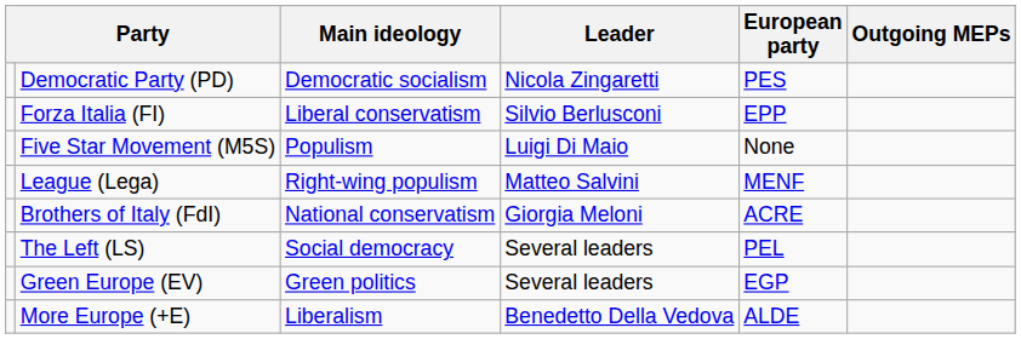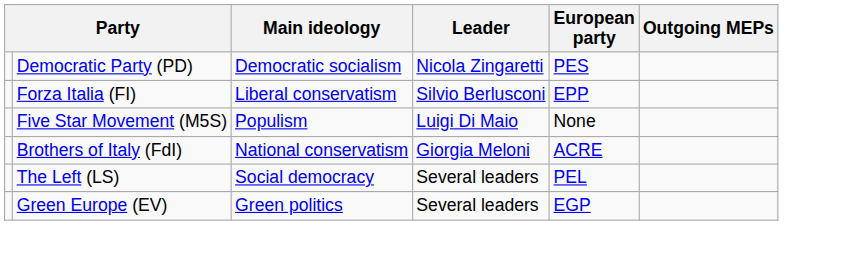 <table class=wikitable style=text-align:left>
 <tr>
 <th colspan="2">Party</th>
 <th>Main ideology</th>
 <th>Leader</th>
 <th>European<br>party</th>
 <th>Outgoing MEPs</th>
 </tr>
 <tr>
 <td style="background:"></td>
 <td><a href='#'>Democratic Party</a> (PD)</td>
 <td><a href='#'>Democratic socialism</a></td>
 <td><a href='#'>Nicola Zingaretti</a></td>
 <td><a href='#'>PES</a></td>
 <td></td>
 </tr>
 <tr>
 <td style="background:"></td>
 <td><a href='#'>Forza Italia</a> (FI)</td>
 <td><a href='#'>Liberal conservatism</a></td>
 <td><a href='#'>Silvio Berlusconi</a></td>
 <td><a href='#'>EPP</a></td>
 <td></td>
 </tr>
 <tr>
 <td style="background:"></td>
 <td><a href='#'>Five Star Movement</a> (M5S)</td>
 <td><a href='#'>Populism</a></td>
 <td><a href='#'>Luigi Di Maio</a></td>
 <td>None</td>
 <td></td>
 </tr>
 <tr>
 <td style="background:"></td>
-<td><a href='#'>League</a> (Lega)</td>
-<td><a href='#'>Right-wing populism</a></td>
-<td><a href='#'>Matteo Salvini</a></td>
-<td><a href='#'>MENF</a></td>
-<td></td>
-</tr>
-<tr>
-<td style="background:"></td>
 <td><a href='#'>Brothers of Italy</a> (FdI)</td>
 <td><a href='#'>National conservatism</a></td>
 <td><a href='#'>Giorgia Meloni</a></td>
 <td><a href='#'>ACRE</a></td>
 <td></td>
 </tr>
 <tr>
 <td style="background:"></td>
 <td><a href='#'>The Left</a> (LS)</td>
 <td><a href='#'>Social democracy</a></td>
 <td>Several leaders</td>
 <td><a href='#'>PEL</a></td>
 <td></td>
 </tr>
 <tr>
 <td style="background:"></td>
 <td><a href='#'>Green Europe</a> (EV)</td>
 <td><a href='#'>Green politics</a></td>
 <td>Several leaders</td>
 <td><a href='#'>EGP</a></td>
 <td></td>
 </tr>
-<tr>
-<td style="background:"></td>
-<td><a href='#'>More Europe</a> (+E)</td>
-<td><a href='#'>Liberalism</a></td>
-<td><a href='#'>Benedetto Della Vedova</a></td>
-<td><a href='#'>ALDE</a></td>
-<td></td>
-</tr>
 </table>
